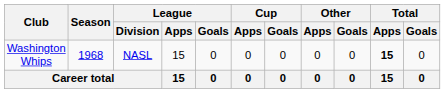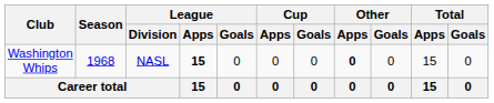 <table class="wikitable" style="text-align: center">
 <tr>
 <th rowspan="2">Club</th>
 <th rowspan="2">Season</th>
 <th colspan="3">League</th>
 <th colspan="2">Cup</th>
 <th colspan="2">Other</th>
 <th colspan="2">Total</th>
 </tr>
 <tr>
 <th>Division</th>
 <th>Apps</th>
 <th>Goals</th>
 <th>Apps</th>
 <th>Goals</th>
 <th>Apps</th>
 <th>Goals</th>
 <th>Apps</th>
 <th>Goals</th>
 </tr>
 <tr>
 <td><a href='#'>Washington Whips</a></td>
 <td><a href='#'>1968</a></td>
 <td><a href='#'>NASL</a></td>
-<td>15</td>
+<td><strong>15</strong></td>
 <td>0</td>
 <td>0</td>
 <td>0</td>
+<td><strong>0</strong></td>
 <td>0</td>
-<td>0</td>
-<td><strong>15</strong></td>
+<td>15</td>
 <td>0</td>
 </tr>
 <tr>
 <th colspan="3"><strong>Career total</strong></th>
 <th>15</th>
 <th>0</th>
 <th>0</th>
 <th>0</th>
 <th>0</th>
 <th>0</th>
 <th>15</th>
 <th>0</th>
 </tr>
 </table>
